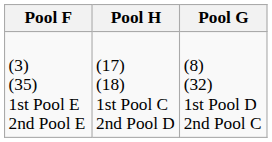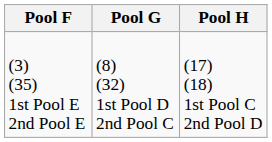 <table class="wikitable">
 <tr>
 <th width=33%>Pool F</th>
+<th width=33%>Pool G</th>
 <th width=33%>Pool H</th>
-<th width=33%>Pool G</th>
 </tr>
 <tr>
 <td><br> (3)<br>  (35)<br> 1st Pool E<br> 2nd Pool E</td>
+<td><br> (8)<br>  (32)<br> 1st Pool D<br> 2nd Pool C</td>
 <td><br> (17)<br>  (18)<br> 1st Pool C<br> 2nd Pool D</td>
-<td><br> (8)<br>  (32)<br> 1st Pool D<br> 2nd Pool C</td>
 </tr>
 </table>
